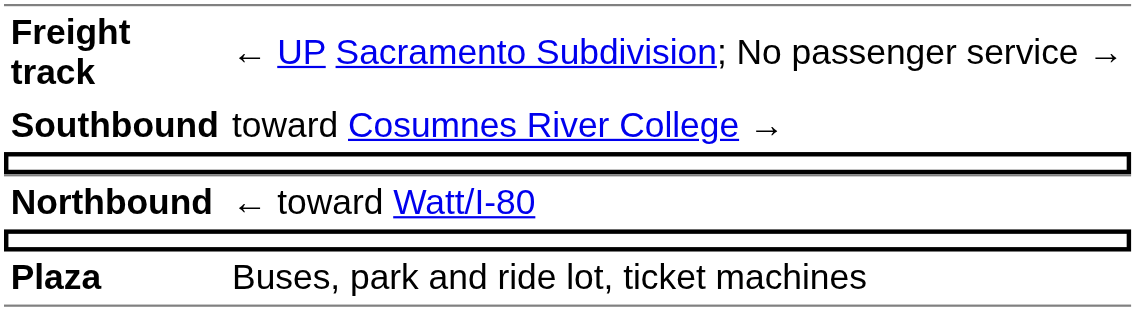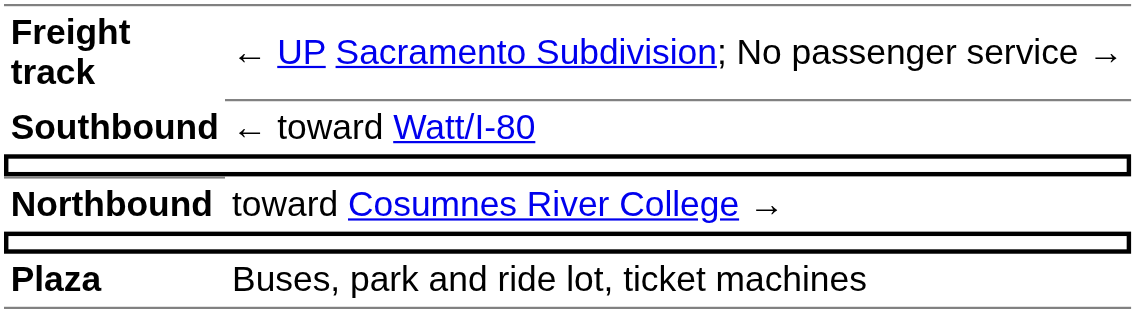 <table border=0 cellspacing=0 cellpadding=3>
 <tr>
 <td style="border-top:solid 1px gray" width=90><strong>Freight track</strong></td>
 <td style="border-top:solid 1px gray">← <a href='#'>UP</a> <a href='#'>Sacramento Subdivision</a>; No passenger service  →</td>
 </tr>
 <tr>
 <td><strong>Southbound</strong></td>
-<td>  toward <a href='#'>Cosumnes River College</a>  →</td>
+<td style="border-top:solid 1px gray">←  toward <a href='#'>Watt/I-80</a> </td>
 </tr>
 <tr>
 <td style="border-top:solid 2px black;border-right:solid 2px black;border-left:solid 2px black;border-bottom:solid 2px black;text-align:center" colspan=2></td>
 </tr>
 <tr>
 <td style="border-top:solid 1px gray"><strong>Northbound</strong></td>
-<td style="border-top:solid 1px gray">←  toward <a href='#'>Watt/I-80</a> </td>
+<td>  toward <a href='#'>Cosumnes River College</a>  →</td>
 </tr>
 <tr>
 <td style="border-top:solid 2px black;border-right:solid 2px black;border-left:solid 2px black;border-bottom:solid 2px black;text-align:center" colspan=2></td>
 </tr>
 <tr>
 <td style="border-bottom:solid 1px gray"><strong>Plaza</strong></td>
 <td style="border-bottom:solid 1px gray">Buses, park and ride lot, ticket machines</td>
 </tr>
 </table>
